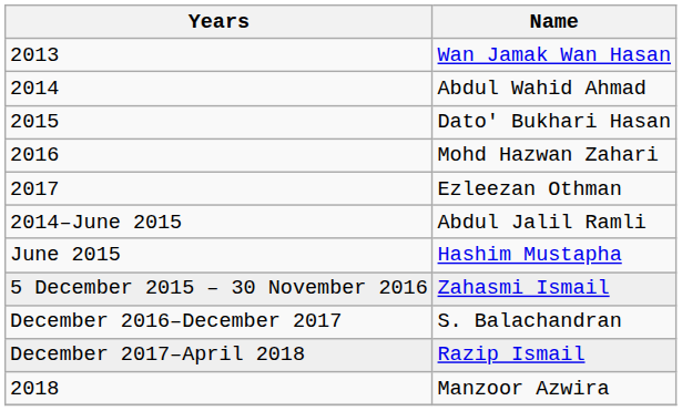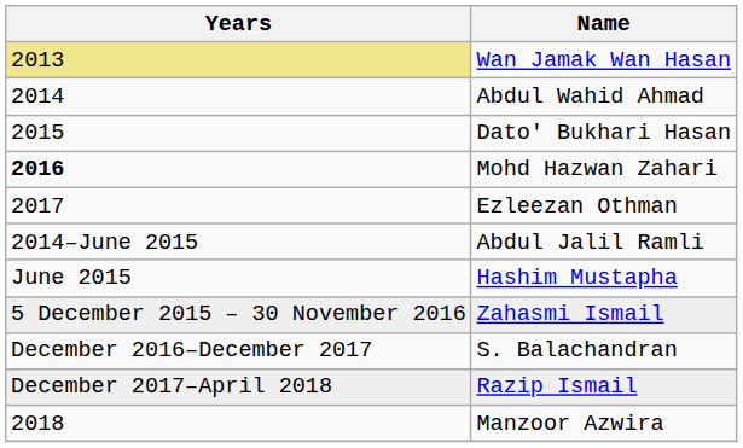 <table class="wikitable">
 <tr>
 <th>Years</th>
 <th>Name</th>
 </tr>
 <tr>
-<td>2013</td>
+<td style="background: khaki;">2013</td>
 <td><a href='#'>Wan Jamak Wan Hasan</a></td>
 </tr>
 <tr>
 <td>2014</td>
 <td>Abdul Wahid Ahmad</td>
 </tr>
 <tr>
 <td>2015</td>
 <td>Dato' Bukhari Hasan</td>
 </tr>
 <tr>
-<td>2016</td>
+<td><strong>2016</strong></td>
 <td>Mohd Hazwan Zahari</td>
 </tr>
 <tr>
 <td>2017</td>
 <td>Ezleezan Othman</td>
 </tr>
 <tr>
 <td>2014–June 2015</td>
 <td>Abdul Jalil Ramli</td>
 </tr>
 <tr>
 <td>June 2015</td>
 <td><a href='#'>Hashim Mustapha</a></td>
 </tr>
 <tr style="background:#efefef;">
 <td>5 December 2015 – 30 November 2016</td>
 <td><a href='#'>Zahasmi Ismail</a></td>
 </tr>
 <tr>
 <td>December 2016–December 2017</td>
 <td>S. Balachandran</td>
 </tr>
 <tr style="background:#efefef;">
 <td>December 2017–April 2018</td>
 <td><a href='#'>Razip Ismail</a></td>
 </tr>
 <tr>
 <td>2018</td>
 <td>Manzoor Azwira</td>
 </tr>
 <tr>
 </tr>
 </table>
